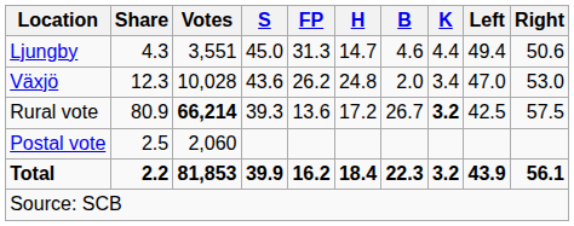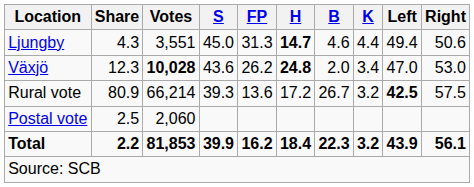 <table class="wikitable sortable" style=text-align:right>
 <tr>
 <th>Location</th>
 <th>Share</th>
 <th>Votes</th>
 <th><a href='#'>S</a></th>
 <th><a href='#'>FP</a></th>
 <th><a href='#'>H</a></th>
 <th><a href='#'>B</a></th>
 <th><a href='#'>K</a></th>
 <th>Left</th>
 <th>Right</th>
 </tr>
 <tr>
 <td align=left><a href='#'>Ljungby</a></td>
 <td>4.3</td>
 <td>3,551</td>
 <td>45.0</td>
 <td>31.3</td>
-<td>14.7</td>
+<td><strong>14.7</strong></td>
 <td>4.6</td>
 <td>4.4</td>
 <td>49.4</td>
 <td>50.6</td>
 </tr>
 <tr>
 <td align=left><a href='#'>Växjö</a></td>
 <td>12.3</td>
-<td>10,028</td>
+<td><strong>10,028</strong></td>
 <td>43.6</td>
 <td>26.2</td>
-<td>24.8</td>
+<td><strong>24.8</strong></td>
 <td>2.0</td>
 <td>3.4</td>
 <td>47.0</td>
 <td>53.0</td>
 </tr>
 <tr>
 <td align=left>Rural vote</td>
 <td>80.9</td>
-<td><strong>66,214</strong></td>
+<td>66,214</td>
 <td>39.3</td>
 <td>13.6</td>
 <td>17.2</td>
 <td>26.7</td>
-<td><strong>3.2</strong></td>
-<td>42.5</td>
+<td>3.2</td>
+<td><strong>42.5</strong></td>
 <td>57.5</td>
 </tr>
 <tr>
 <td align=left><a href='#'>Postal vote</a></td>
 <td>2.5</td>
 <td>2,060</td>
 <td></td>
 <td></td>
 <td></td>
 <td></td>
 <td></td>
 <td></td>
 <td></td>
 </tr>
 <tr>
 <td align=left><strong>Total</strong></td>
 <td><strong>2.2</strong></td>
 <td><strong>81,853</strong></td>
 <td><strong>39.9</strong></td>
 <td><strong>16.2</strong></td>
 <td><strong>18.4</strong></td>
 <td><strong>22.3</strong></td>
 <td><strong>3.2</strong></td>
 <td><strong>43.9</strong></td>
 <td><strong>56.1</strong></td>
 </tr>
 <tr>
 <td align=left colspan=10>Source: SCB </td>
 </tr>
 </table>
